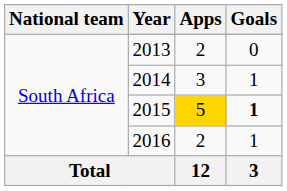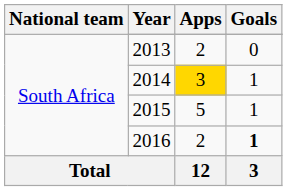 <table class="wikitable" style="text-align:center">
 <tr>
 <th>National team</th>
 <th>Year</th>
 <th>Apps</th>
 <th>Goals</th>
 </tr>
 <tr>
 <td rowspan="5"><a href='#'>South Africa</a></td>
 </tr>
 <tr>
 <td>2013</td>
 <td>2</td>
 <td>0</td>
 </tr>
 <tr>
 <td>2014</td>
-<td>3</td>
+<td style="background: gold;">3</td>
 <td>1</td>
 </tr>
 <tr>
 <td>2015</td>
-<td style="background: gold;">5</td>
-<td><strong>1</strong></td>
+<td>5</td>
+<td>1</td>
 </tr>
 <tr>
 <td>2016</td>
 <td>2</td>
-<td>1</td>
+<td><strong>1</strong></td>
 </tr>
 <tr>
 <th colspan="2">Total</th>
 <th>12</th>
 <th>3</th>
 </tr>
 </table>
